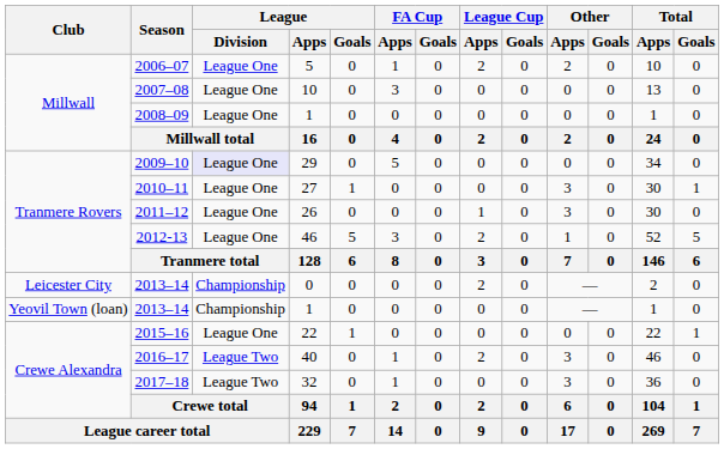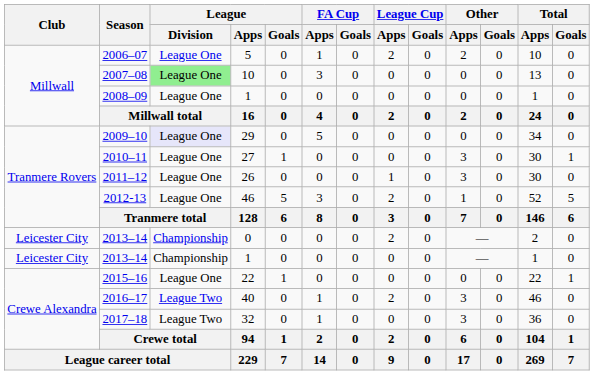 <table class="wikitable" style="text-align: center">
 <tr>
 <th rowspan="2">Club</th>
 <th rowspan="2">Season</th>
 <th colspan="3">League</th>
 <th colspan="2"><a href='#'>FA Cup</a></th>
 <th colspan="2"><a href='#'>League Cup</a></th>
 <th colspan="2">Other</th>
 <th colspan="2">Total</th>
 </tr>
 <tr>
 <th>Division</th>
 <th>Apps</th>
 <th>Goals</th>
 <th>Apps</th>
 <th>Goals</th>
 <th>Apps</th>
 <th>Goals</th>
 <th>Apps</th>
 <th>Goals</th>
 <th>Apps</th>
 <th>Goals</th>
 </tr>
 <tr>
 <td rowspan="4"><a href='#'>Millwall</a></td>
 <td><a href='#'>2006–07</a></td>
 <td><a href='#'>League One</a></td>
 <td>5</td>
 <td>0</td>
 <td>1</td>
 <td>0</td>
 <td>2</td>
 <td>0</td>
 <td>2</td>
 <td>0</td>
 <td>10</td>
 <td>0</td>
 </tr>
 <tr>
 <td><a href='#'>2007–08</a></td>
-<td>League One</td>
+<td style="background: lightgreen;">League One</td>
 <td>10</td>
 <td>0</td>
 <td>3</td>
 <td>0</td>
 <td>0</td>
 <td>0</td>
 <td>0</td>
 <td>0</td>
 <td>13</td>
 <td>0</td>
 </tr>
 <tr>
 <td><a href='#'>2008–09</a></td>
 <td>League One</td>
 <td>1</td>
 <td>0</td>
 <td>0</td>
 <td>0</td>
 <td>0</td>
 <td>0</td>
 <td>0</td>
 <td>0</td>
 <td>1</td>
 <td>0</td>
 </tr>
 <tr>
 <th colspan="2">Millwall total</th>
 <th>16</th>
 <th>0</th>
 <th>4</th>
 <th>0</th>
 <th>2</th>
 <th>0</th>
 <th>2</th>
 <th>0</th>
 <th>24</th>
 <th>0</th>
 </tr>
 <tr>
 <td rowspan="5"><a href='#'>Tranmere Rovers</a></td>
 <td><a href='#'>2009–10</a></td>
 <td style="background: lavender;">League One</td>
 <td>29</td>
 <td>0</td>
 <td>5</td>
 <td>0</td>
 <td>0</td>
 <td>0</td>
 <td>0</td>
 <td>0</td>
 <td>34</td>
 <td>0</td>
 </tr>
 <tr>
 <td><a href='#'>2010–11</a></td>
 <td>League One</td>
 <td>27</td>
 <td>1</td>
 <td>0</td>
 <td>0</td>
 <td>0</td>
 <td>0</td>
 <td>3</td>
 <td>0</td>
 <td>30</td>
 <td>1</td>
 </tr>
 <tr>
 <td><a href='#'>2011–12</a></td>
 <td>League One</td>
 <td>26</td>
 <td>0</td>
 <td>0</td>
 <td>0</td>
 <td>1</td>
 <td>0</td>
 <td>3</td>
 <td>0</td>
 <td>30</td>
 <td>0</td>
 </tr>
 <tr>
 <td><a href='#'>2012-13</a></td>
 <td>League One</td>
 <td>46</td>
 <td>5</td>
 <td>3</td>
 <td>0</td>
 <td>2</td>
 <td>0</td>
 <td>1</td>
 <td>0</td>
 <td>52</td>
 <td>5</td>
 </tr>
 <tr>
 <th colspan="2">Tranmere total</th>
 <th>128</th>
 <th>6</th>
 <th>8</th>
 <th>0</th>
 <th>3</th>
 <th>0</th>
 <th>7</th>
 <th>0</th>
 <th>146</th>
 <th>6</th>
 </tr>
 <tr>
 <td><a href='#'>Leicester City</a></td>
 <td><a href='#'>2013–14</a></td>
 <td><a href='#'>Championship</a></td>
 <td>0</td>
 <td>0</td>
 <td>0</td>
 <td>0</td>
 <td>2</td>
 <td>0</td>
 <td colspan="2">—</td>
 <td>2</td>
 <td>0</td>
 </tr>
 <tr>
-<td><a href='#'>Yeovil Town</a> (loan)</td>
+<td><a href='#'>Leicester City</a></td>
 <td><a href='#'>2013–14</a></td>
 <td>Championship</td>
 <td>1</td>
 <td>0</td>
 <td>0</td>
 <td>0</td>
 <td>0</td>
 <td>0</td>
 <td colspan="2">—</td>
 <td>1</td>
 <td>0</td>
 </tr>
 <tr>
 <td rowspan="4"><a href='#'>Crewe Alexandra</a></td>
 <td><a href='#'>2015–16</a></td>
 <td>League One</td>
 <td>22</td>
 <td>1</td>
 <td>0</td>
 <td>0</td>
 <td>0</td>
 <td>0</td>
 <td>0</td>
 <td>0</td>
 <td>22</td>
 <td>1</td>
 </tr>
 <tr>
 <td><a href='#'>2016–17</a></td>
 <td><a href='#'>League Two</a></td>
 <td>40</td>
 <td>0</td>
 <td>1</td>
 <td>0</td>
 <td>2</td>
 <td>0</td>
 <td>3</td>
 <td>0</td>
 <td>46</td>
 <td>0</td>
 </tr>
 <tr>
 <td><a href='#'>2017–18</a></td>
 <td>League Two</td>
 <td>32</td>
 <td>0</td>
 <td>1</td>
 <td>0</td>
 <td>0</td>
 <td>0</td>
 <td>3</td>
 <td>0</td>
 <td>36</td>
 <td>0</td>
 </tr>
 <tr>
 <th colspan="2">Crewe total</th>
 <th>94</th>
 <th>1</th>
 <th>2</th>
 <th>0</th>
 <th>2</th>
 <th>0</th>
 <th>6</th>
 <th>0</th>
 <th>104</th>
 <th>1</th>
 </tr>
 <tr>
 <th colspan="3">League career total</th>
 <th>229</th>
 <th>7</th>
 <th>14</th>
 <th>0</th>
 <th>9</th>
 <th>0</th>
 <th>17</th>
 <th>0</th>
 <th>269</th>
 <th>7</th>
 </tr>
 </table>
